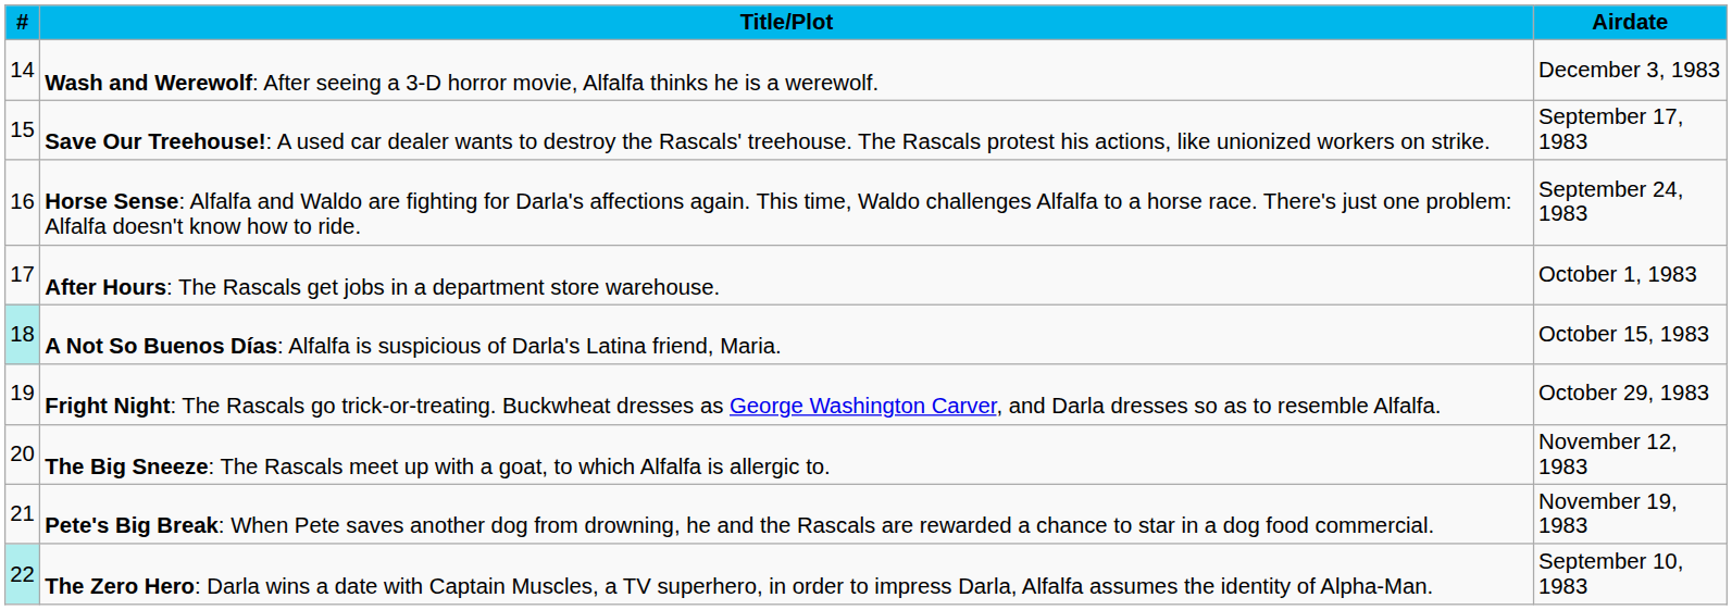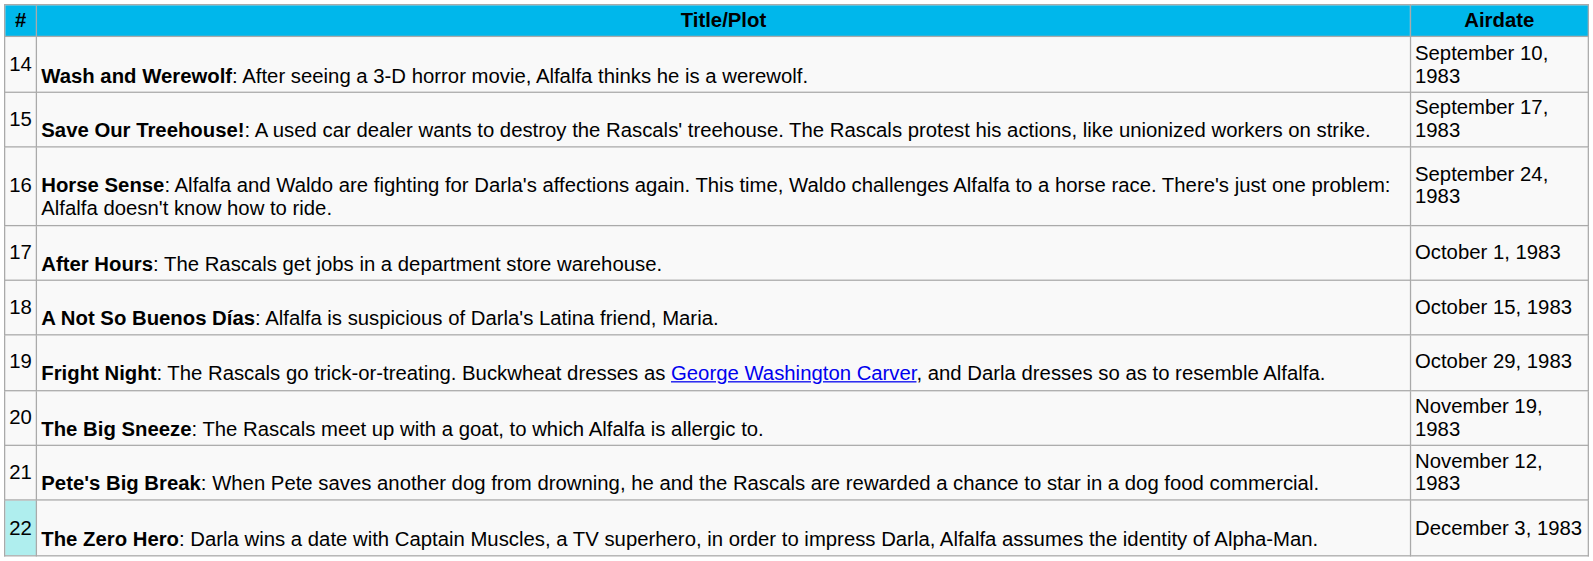 <table class="wikitable">
 <tr>
 <th style="background-color: #00B7EB" width=10>#</th>
 <th style="background-color: #00B7EB">Title/Plot</th>
 <th style="background-color: #00B7EB">Airdate</th>
 </tr>
 <tr>
 <td>14</td>
 <td><br><strong>Wash and Werewolf</strong>: After seeing a 3-D horror movie, Alfalfa thinks he is a werewolf.</td>
-<td>December 3, 1983</td>
+<td>September 10, 1983</td>
 </tr>
 <tr>
 <td>15</td>
 <td><br><strong>Save Our Treehouse!</strong>: A used car dealer wants to destroy the Rascals' treehouse.  The Rascals protest his actions, like unionized workers on strike.</td>
 <td>September 17, 1983</td>
 </tr>
 <tr>
 <td>16</td>
 <td><br><strong>Horse Sense</strong>: Alfalfa and Waldo are fighting for Darla's affections again. This time, Waldo challenges Alfalfa to a horse race. There's just one problem: Alfalfa doesn't know how to ride.</td>
 <td>September 24, 1983</td>
 </tr>
 <tr>
 <td>17</td>
 <td><br><strong>After Hours</strong>: The Rascals get jobs in a department store warehouse.</td>
 <td>October 1, 1983</td>
 </tr>
 <tr>
-<td style="background: paleturquoise;">18</td>
+<td>18</td>
 <td><br><strong>A Not So Buenos Días</strong>: Alfalfa is suspicious of Darla's Latina friend, Maria.</td>
 <td>October 15, 1983</td>
 </tr>
 <tr>
 <td>19</td>
 <td><br><strong>Fright Night</strong>: The Rascals go trick-or-treating. Buckwheat dresses as <a href='#'>George Washington Carver</a>, and Darla dresses so as to resemble Alfalfa.</td>
 <td>October 29, 1983</td>
 </tr>
 <tr>
 <td>20</td>
 <td><br><strong>The Big Sneeze</strong>: The Rascals meet up with a goat, to which Alfalfa is allergic to.</td>
-<td>November 12, 1983</td>
+<td>November 19, 1983</td>
 </tr>
 <tr>
 <td>21</td>
 <td><br><strong>Pete's Big Break</strong>: When Pete saves another dog from drowning, he and the Rascals are rewarded a chance to star in a dog food commercial.</td>
-<td>November 19, 1983</td>
+<td>November 12, 1983</td>
 </tr>
 <tr>
 <td style="background: paleturquoise;">22</td>
 <td><br><strong>The Zero Hero</strong>: Darla wins a date with Captain Muscles, a TV superhero, in order to impress Darla, Alfalfa assumes the identity of Alpha-Man.</td>
-<td>September 10, 1983</td>
+<td>December 3, 1983</td>
 </tr>
 </table>
